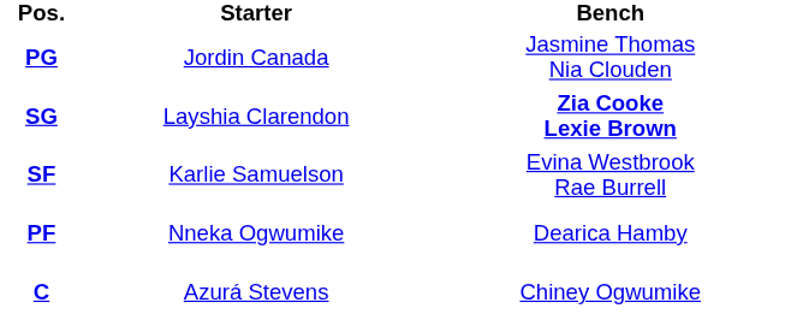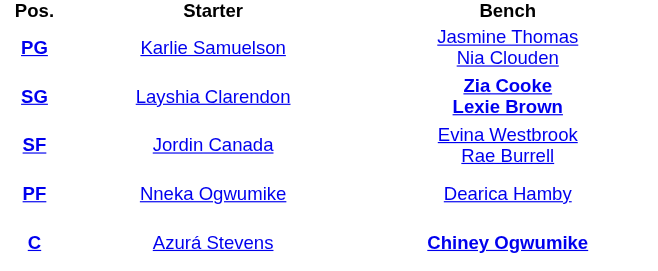 <table style="text-align:center; ">
 <tr>
 <th width="50">Pos.</th>
 <th width="250">Starter</th>
 <th width="250">Bench</th>
 </tr>
 <tr style="height:40px; background:white; color:#092C57">
 <th><a href='#'><span>PG</span></a></th>
-<td><a href='#'>Jordin Canada</a></td>
+<td><a href='#'>Karlie Samuelson</a></td>
 <td><a href='#'>Jasmine Thomas</a><br><a href='#'>Nia Clouden</a></td>
 </tr>
 <tr style="height:40px; background:white; color:#092C57">
 <th><a href='#'><span>SG</span></a></th>
 <td><a href='#'>Layshia Clarendon</a></td>
 <td><strong><a href='#'>Zia Cooke</a><br><a href='#'>Lexie Brown</a></strong></td>
 </tr>
 <tr style="height:40px; background:white; color:#092C57">
 <th><a href='#'><span>SF</span></a></th>
-<td><a href='#'>Karlie Samuelson</a></td>
+<td><a href='#'>Jordin Canada</a></td>
 <td><a href='#'>Evina Westbrook</a><br><a href='#'>Rae Burrell</a></td>
 </tr>
 <tr style="height:40px; background:white; color:#092C57">
 <th><a href='#'><span>PF</span></a></th>
 <td><a href='#'>Nneka Ogwumike</a></td>
 <td><a href='#'>Dearica Hamby</a></td>
 </tr>
 <tr style="height:40px; background:white; color:#092C57">
 <th><a href='#'><span>C</span></a></th>
 <td><a href='#'>Azurá Stevens</a></td>
-<td><a href='#'>Chiney Ogwumike</a></td>
+<td><strong><a href='#'>Chiney Ogwumike</a></strong></td>
 </tr>
 </table>
